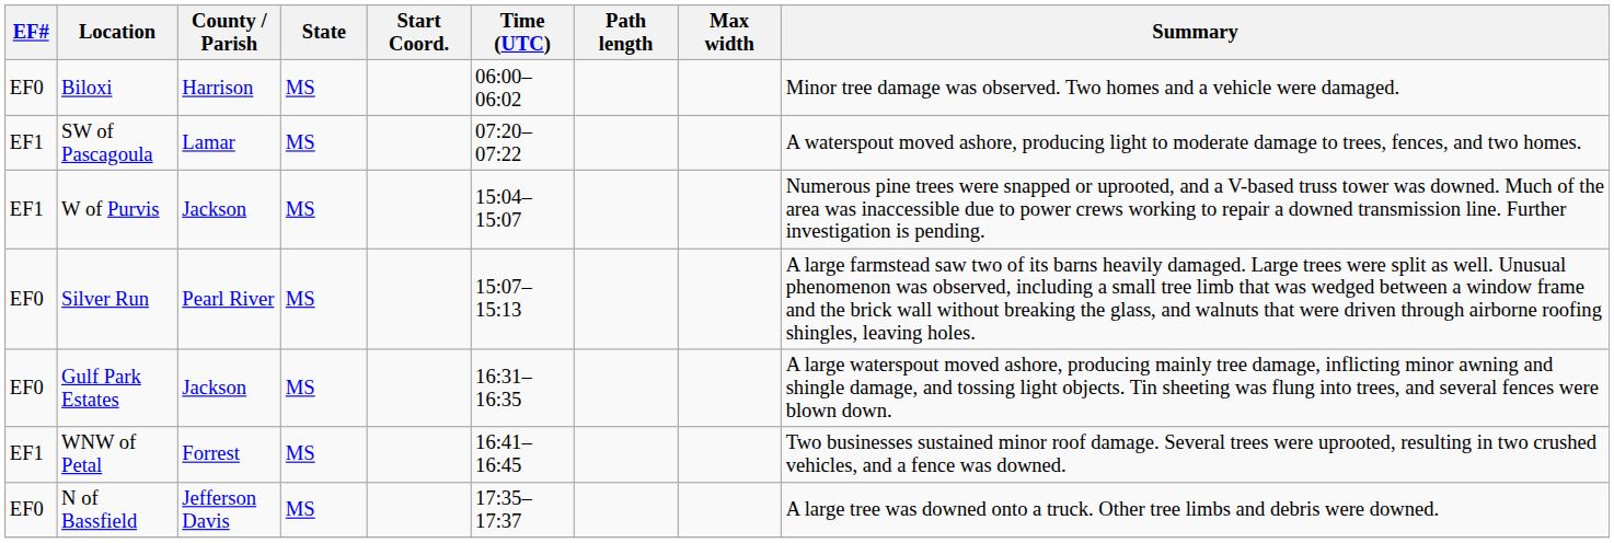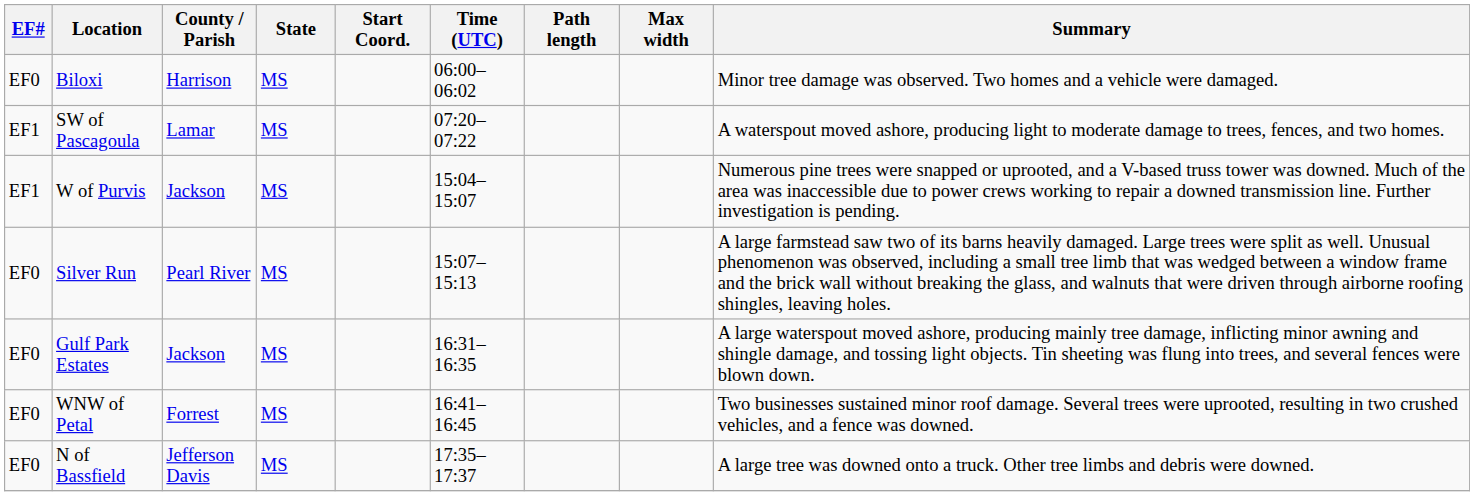 <table class="wikitable sortable" style="width:100%;">
 <tr>
 <th scope="col"  style="width:3%; text-align:center;"><a href='#'>EF#</a></th>
 <th scope="col"  style="width:7%; text-align:center;" class="unsortable">Location</th>
 <th scope="col"  style="width:6%; text-align:center;" class="unsortable">County / Parish</th>
 <th scope="col"  style="width:5%; text-align:center;">State</th>
 <th scope="col"  style="width:6%; text-align:center;">Start Coord.</th>
 <th scope="col"  style="width:6%; text-align:center;">Time (<a href='#'>UTC</a>)</th>
 <th scope="col"  style="width:6%; text-align:center;">Path length</th>
 <th scope="col"  style="width:6%; text-align:center;">Max width</th>
 <th scope="col" class="unsortable" style="width:48%; text-align:center;">Summary</th>
 </tr>
 <tr>
 <td>EF0</td>
 <td><a href='#'>Biloxi</a></td>
 <td><a href='#'>Harrison</a></td>
 <td><a href='#'>MS</a></td>
 <td></td>
 <td>06:00–06:02</td>
 <td></td>
 <td></td>
 <td>Minor tree damage was observed. Two homes and a vehicle were damaged.</td>
 </tr>
 <tr>
 <td>EF1</td>
 <td>SW of <a href='#'>Pascagoula</a></td>
 <td><a href='#'>Lamar</a></td>
 <td><a href='#'>MS</a></td>
 <td></td>
 <td>07:20–07:22</td>
 <td></td>
 <td></td>
 <td>A waterspout moved ashore, producing light to moderate damage to trees, fences, and two homes.</td>
 </tr>
 <tr>
 <td>EF1</td>
 <td>W of <a href='#'>Purvis</a></td>
 <td><a href='#'>Jackson</a></td>
 <td><a href='#'>MS</a></td>
 <td></td>
 <td>15:04–15:07</td>
 <td></td>
 <td></td>
 <td>Numerous pine trees were snapped or uprooted, and a V-based truss tower was downed. Much of the area was inaccessible due to power crews working to repair a downed transmission line. Further investigation is pending.</td>
 </tr>
 <tr>
 <td>EF0</td>
 <td><a href='#'>Silver Run</a></td>
 <td><a href='#'>Pearl River</a></td>
 <td><a href='#'>MS</a></td>
 <td></td>
 <td>15:07–15:13</td>
 <td></td>
 <td></td>
 <td>A large farmstead saw two of its barns heavily damaged. Large trees were split as well. Unusual phenomenon was observed, including a small tree limb that was wedged between a window frame and the brick wall without breaking the glass, and walnuts that were driven through airborne roofing shingles, leaving holes.</td>
 </tr>
 <tr>
 <td>EF0</td>
 <td><a href='#'>Gulf Park Estates</a></td>
 <td><a href='#'>Jackson</a></td>
 <td><a href='#'>MS</a></td>
 <td></td>
 <td>16:31–16:35</td>
 <td></td>
 <td></td>
 <td>A large waterspout moved ashore, producing mainly tree damage, inflicting minor awning and shingle damage, and tossing light objects. Tin sheeting was flung into trees, and several fences were blown down.</td>
 </tr>
 <tr>
-<td>EF1</td>
+<td>EF0</td>
 <td>WNW of <a href='#'>Petal</a></td>
 <td><a href='#'>Forrest</a></td>
 <td><a href='#'>MS</a></td>
 <td></td>
 <td>16:41–16:45</td>
 <td></td>
 <td></td>
 <td>Two businesses sustained minor roof damage. Several trees were uprooted, resulting in two crushed vehicles, and a fence was downed.</td>
 </tr>
 <tr>
 <td>EF0</td>
 <td>N of <a href='#'>Bassfield</a></td>
 <td><a href='#'>Jefferson Davis</a></td>
 <td><a href='#'>MS</a></td>
 <td></td>
 <td>17:35–17:37</td>
 <td></td>
 <td></td>
 <td>A large tree was downed onto a truck. Other tree limbs and debris were downed.</td>
 </tr>
 <tr>
 </tr>
 </table>
